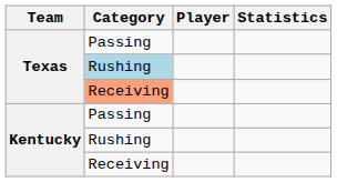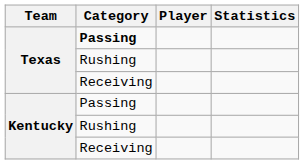 <table class="wikitable" style="float:right">
 <tr>
 <th>Team</th>
 <th>Category</th>
 <th>Player</th>
 <th>Statistics</th>
 </tr>
 <tr>
 <th rowspan=3>Texas</th>
-<td>Passing</td>
+<td><strong>Passing</strong></td>
 <td></td>
 <td></td>
 </tr>
 <tr>
-<td style="background: lightblue;">Rushing</td>
+<td>Rushing</td>
 <td></td>
 <td></td>
 </tr>
 <tr>
-<td style="background: lightsalmon;">Receiving</td>
+<td>Receiving</td>
 <td></td>
 <td></td>
 </tr>
 <tr>
 <th rowspan=3>Kentucky</th>
 <td>Passing</td>
 <td></td>
 <td></td>
 </tr>
 <tr>
 <td>Rushing</td>
 <td></td>
 <td></td>
 </tr>
 <tr>
 <td>Receiving</td>
 <td></td>
 <td></td>
 </tr>
 </table>
